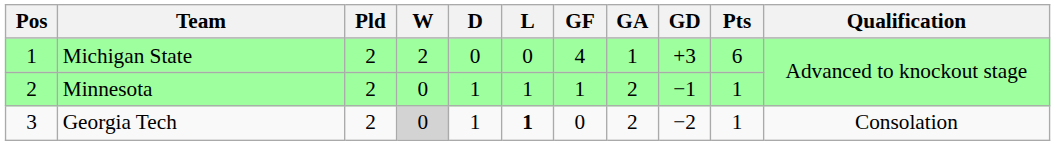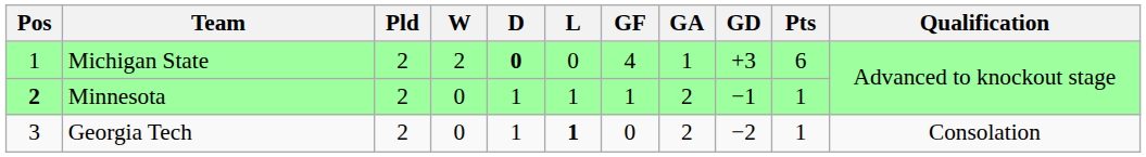 <table class="wikitable" style="text-align:center; margin: 1em auto">
 <tr>
 <th style="width:2em">Pos</th>
 <th style="width:13em">Team</th>
 <th style="width:2em">Pld</th>
 <th style="width:2em">W</th>
 <th style="width:2em">D</th>
 <th style="width:2em">L</th>
 <th style="width:2em">GF</th>
 <th style="width:2em">GA</th>
 <th style="width:2em">GD</th>
 <th style="width:2em">Pts</th>
 <th style="width:13em">Qualification</th>
 </tr>
 <tr bgcolor="#9eff9e">
 <td>1</td>
 <td style="text-align:left">Michigan State</td>
 <td>2</td>
 <td>2</td>
-<td>0</td>
+<td><strong>0</strong></td>
 <td>0</td>
 <td>4</td>
 <td>1</td>
 <td>+3</td>
 <td>6</td>
 <td rowspan="2">Advanced to knockout stage</td>
 </tr>
 <tr bgcolor="#9eff9e">
-<td>2</td>
+<td><strong>2</strong></td>
 <td style="text-align:left">Minnesota</td>
 <td>2</td>
 <td>0</td>
 <td>1</td>
 <td>1</td>
 <td>1</td>
 <td>2</td>
 <td>−1</td>
 <td>1</td>
 </tr>
 <tr>
 <td>3</td>
 <td style="text-align:left">Georgia Tech</td>
 <td>2</td>
-<td style="background: lightgrey;">0</td>
+<td>0</td>
 <td>1</td>
 <td><strong>1</strong></td>
 <td>0</td>
 <td>2</td>
 <td>−2</td>
 <td>1</td>
 <td>Consolation</td>
 </tr>
 </table>
